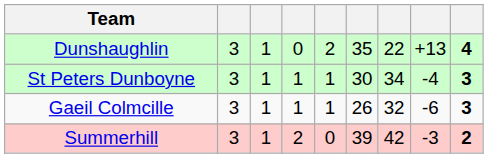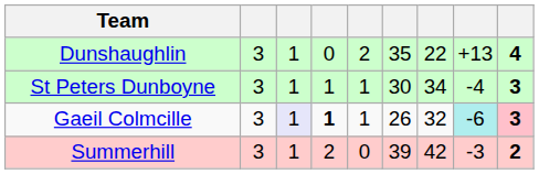 <table class="wikitable" style="text-align:center">
 <tr>
 <th width="175">Team</th>
 <th width="20"></th>
 <th width="20"></th>
 <th width="20"></th>
 <th width="20"></th>
 <th width="20"></th>
 <th width="20"></th>
 <th width="20"></th>
 <th width="20"></th>
 </tr>
 <tr style="background:#cfc;">
 <td><a href='#'>Dunshaughlin</a></td>
 <td>3</td>
 <td>1</td>
 <td>0</td>
 <td>2</td>
 <td>35</td>
 <td>22</td>
 <td>+13</td>
 <td><strong>4</strong></td>
 </tr>
 <tr style="background:#cfc;">
 <td><a href='#'>St Peters Dunboyne</a></td>
 <td>3</td>
 <td>1</td>
 <td>1</td>
 <td>1</td>
 <td>30</td>
 <td>34</td>
 <td>-4</td>
 <td><strong>3</strong></td>
 </tr>
 <tr>
 <td><a href='#'>Gaeil Colmcille</a></td>
 <td>3</td>
-<td>1</td>
-<td>1</td>
+<td style="background: lavender;">1</td>
+<td><strong>1</strong></td>
 <td>1</td>
 <td>26</td>
 <td>32</td>
-<td>-6</td>
-<td><strong>3</strong></td>
+<td style="background: paleturquoise;">-6</td>
+<td style="background: pink;"><strong>3</strong></td>
 </tr>
 <tr style="background:#fcc;">
 <td><a href='#'>Summerhill</a></td>
 <td>3</td>
 <td>1</td>
 <td>2</td>
 <td>0</td>
 <td>39</td>
 <td>42</td>
 <td>-3</td>
 <td><strong>2</strong></td>
 </tr>
 </table>
